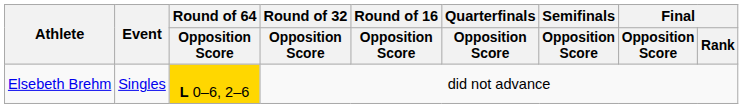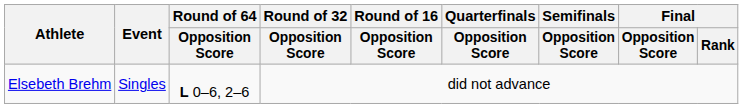 <table class=wikitable style="font-size:90%">
 <tr>
 <th rowspan=2>Athlete</th>
 <th rowspan=2>Event</th>
 <th>Round of 64</th>
 <th>Round of 32</th>
 <th>Round of 16</th>
 <th>Quarterfinals</th>
 <th>Semifinals</th>
 <th colspan=2>Final</th>
 </tr>
 <tr style="font-size:95%">
 <th>Opposition<br>Score</th>
 <th>Opposition<br>Score</th>
 <th>Opposition<br>Score</th>
 <th>Opposition<br>Score</th>
 <th>Opposition<br>Score</th>
 <th>Opposition<br>Score</th>
 <th>Rank</th>
 </tr>
 <tr align=center>
 <td align=left><a href='#'>Elsebeth Brehm</a></td>
 <td align=left><a href='#'>Singles</a></td>
-<td style="background: gold;"><br> <strong>L</strong> 0–6, 2–6</td>
+<td><br> <strong>L</strong> 0–6, 2–6</td>
 <td colspan=6>did not advance</td>
 </tr>
 </table>
